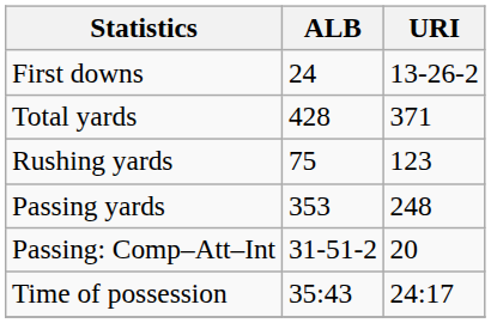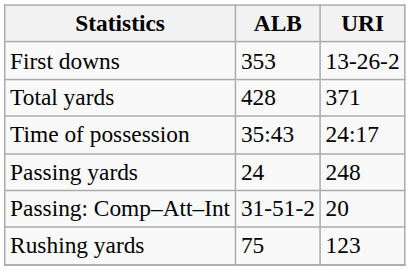 <table class="wikitable" style="float: left;">
 <tr>
 <th>Statistics</th>
 <th>ALB</th>
 <th>URI</th>
 </tr>
 <tr>
 <td>First downs</td>
-<td>24</td>
+<td>353</td>
 <td>13-26-2</td>
 </tr>
 <tr>
 <td>Total yards</td>
 <td>428</td>
 <td>371</td>
 </tr>
 <tr>
-<td>Rushing yards</td>
-<td>75</td>
-<td>123</td>
+<td>Time of possession</td>
+<td>35:43</td>
+<td>24:17</td>
 </tr>
 <tr>
 <td>Passing yards</td>
-<td>353</td>
+<td>24</td>
 <td>248</td>
 </tr>
 <tr>
 <td>Passing: Comp–Att–Int</td>
 <td>31-51-2</td>
 <td>20</td>
 </tr>
 <tr>
-<td>Time of possession</td>
-<td>35:43</td>
-<td>24:17</td>
+<td>Rushing yards</td>
+<td>75</td>
+<td>123</td>
 </tr>
 <tr>
 </tr>
 </table>
